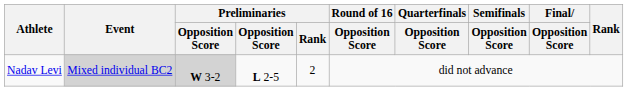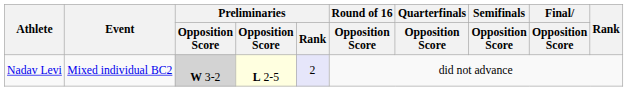 <table class=wikitable>
 <tr>
 <th rowspan="2">Athlete</th>
 <th rowspan="2">Event</th>
 <th colspan="3">Preliminaries</th>
 <th>Round of 16</th>
 <th>Quarterfinals</th>
 <th>Semifinals</th>
 <th>Final/</th>
 <th rowspan="2">Rank</th>
 </tr>
 <tr>
 <th>Opposition<br>Score</th>
 <th>Opposition<br>Score</th>
 <th>Rank</th>
 <th>Opposition<br>Score</th>
 <th>Opposition<br>Score</th>
 <th>Opposition<br>Score</th>
 <th>Opposition<br>Score</th>
 </tr>
 <tr align="center">
 <td align="left"><a href='#'>Nadav Levi</a></td>
-<td align="left" style="background: lightgrey;"><a href='#'>Mixed individual BC2</a></td>
+<td align="left"><a href='#'>Mixed individual BC2</a></td>
 <td style="background: lightgrey;"><br><strong>W</strong> 3-2</td>
-<td><br><strong>L</strong> 2-5</td>
-<td>2</td>
+<td style="background: lightyellow;"><br><strong>L</strong> 2-5</td>
+<td style="background: lavender;">2</td>
 <td colspan="5">did not advance</td>
 </tr>
 </table>
